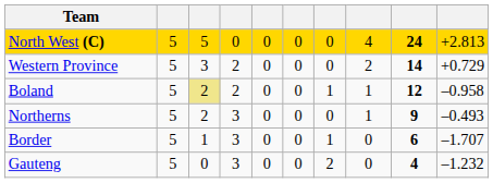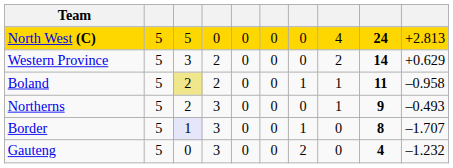 <table class="wikitable" style="text-align:center">
 <tr>
 <th width="150">Team</th>
 <th width="25"></th>
 <th width="25"></th>
 <th width="25"></th>
 <th width="25"></th>
 <th width="25"></th>
 <th width="25"></th>
 <th width="40"></th>
 <th width="40"></th>
 <th width="45"></th>
 </tr>
 <tr style="background:gold">
 <td style="text-align:left"><a href='#'>North West</a> <strong>(C)</strong></td>
 <td>5</td>
 <td>5</td>
 <td>0</td>
 <td>0</td>
 <td>0</td>
 <td>0</td>
 <td>4</td>
 <td><strong>24</strong></td>
 <td>+2.813</td>
 </tr>
 <tr>
 <td style="text-align:left"><a href='#'>Western Province</a></td>
 <td>5</td>
 <td>3</td>
 <td>2</td>
 <td>0</td>
 <td>0</td>
 <td>0</td>
 <td>2</td>
 <td><strong>14</strong></td>
-<td>+0.729</td>
+<td>+0.629</td>
 </tr>
 <tr>
 <td style="text-align:left"><a href='#'>Boland</a></td>
 <td>5</td>
 <td style="background: khaki;">2</td>
 <td>2</td>
 <td>0</td>
 <td>0</td>
 <td>1</td>
 <td>1</td>
-<td><strong>12</strong></td>
+<td><strong>11</strong></td>
 <td>–0.958</td>
 </tr>
 <tr>
 <td style="text-align:left"><a href='#'>Northerns</a></td>
 <td>5</td>
 <td>2</td>
 <td>3</td>
 <td>0</td>
 <td>0</td>
 <td>0</td>
 <td>1</td>
 <td><strong>9</strong></td>
 <td>–0.493</td>
 </tr>
 <tr>
 <td style="text-align:left"><a href='#'>Border</a></td>
 <td>5</td>
-<td>1</td>
+<td style="background: lavender;">1</td>
 <td>3</td>
 <td>0</td>
 <td>0</td>
 <td>1</td>
 <td>0</td>
-<td><strong>6</strong></td>
+<td><strong>8</strong></td>
 <td>–1.707</td>
 </tr>
 <tr>
 <td style="text-align:left"><a href='#'>Gauteng</a></td>
 <td>5</td>
 <td>0</td>
 <td>3</td>
 <td>0</td>
 <td>0</td>
 <td>2</td>
 <td>0</td>
 <td><strong>4</strong></td>
 <td>–1.232</td>
 </tr>
 </table>
